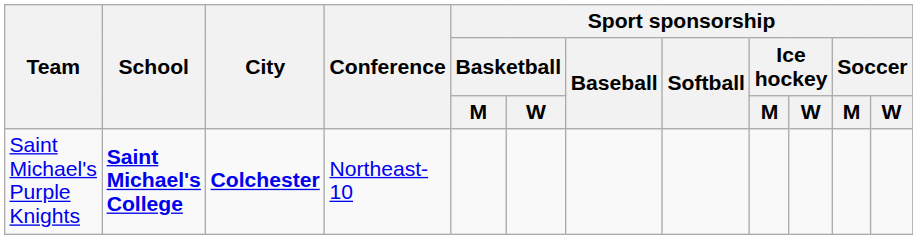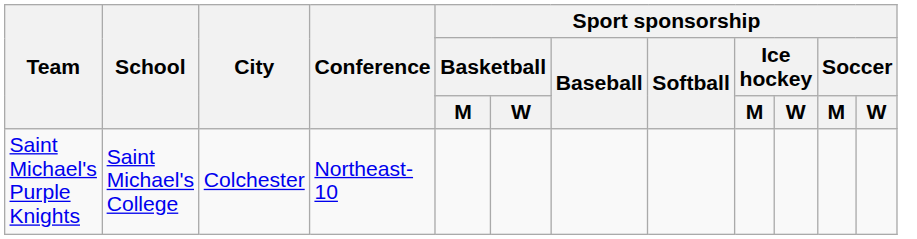 <table class="sortable wikitable">
 <tr>
 <th rowspan=3>Team</th>
 <th rowspan=3>School</th>
 <th rowspan=3>City</th>
 <th rowspan=3>Conference</th>
 <th colspan=8>Sport sponsorship</th>
 </tr>
 <tr>
 <th colspan=2>Basketball</th>
 <th rowspan=2>Baseball</th>
 <th rowspan=2>Softball</th>
 <th colspan=2>Ice hockey</th>
 <th colspan=2>Soccer</th>
 </tr>
 <tr>
 <th>M</th>
 <th>W</th>
 <th>M</th>
 <th>W</th>
 <th>M</th>
 <th>W</th>
 </tr>
 <tr>
 <td><a href='#'>Saint Michael's Purple Knights</a></td>
-<td><strong><a href='#'>Saint Michael's College</a></strong></td>
-<td><strong><a href='#'>Colchester</a></strong></td>
+<td><a href='#'>Saint Michael's College</a></td>
+<td><a href='#'>Colchester</a></td>
 <td><a href='#'>Northeast-10</a></td>
 <td></td>
 <td></td>
 <td></td>
 <td></td>
 <td></td>
 <td> </td>
 <td></td>
 <td></td>
 </tr>
 </table>
